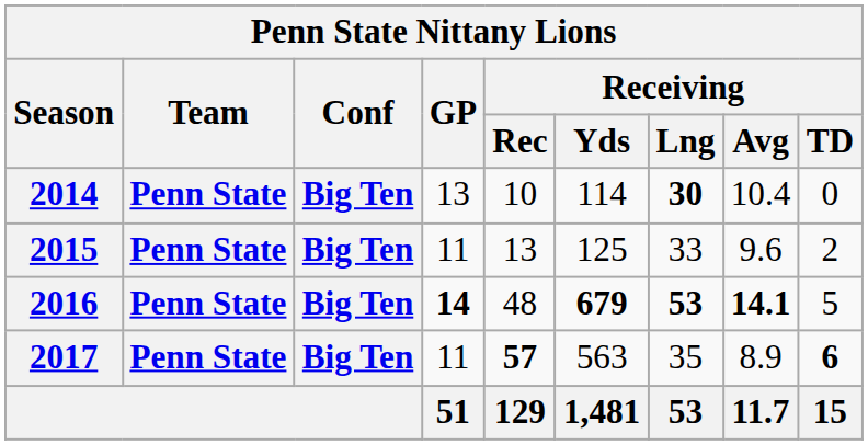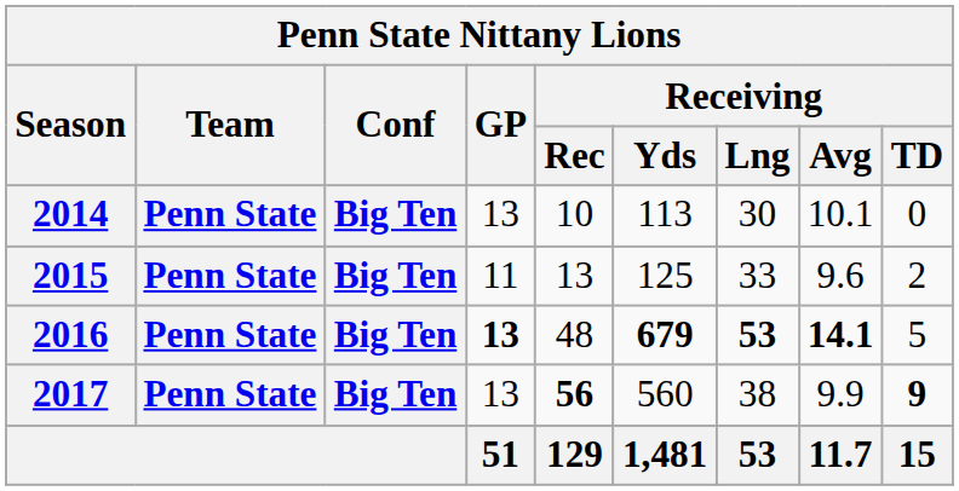 <table class="wikitable" style="text-align:center;">
 <tr>
 <th colspan="9">Penn State Nittany Lions</th>
 </tr>
 <tr>
 <th rowspan="2">Season</th>
 <th rowspan="2">Team</th>
 <th rowspan="2">Conf</th>
 <th rowspan="2">GP</th>
 <th colspan="5">Receiving</th>
 </tr>
 <tr>
 <th>Rec</th>
 <th>Yds</th>
 <th>Lng</th>
 <th>Avg</th>
 <th>TD</th>
 </tr>
 <tr>
 <th><a href='#'>2014</a></th>
 <th><a href='#'>Penn State</a></th>
 <th><a href='#'>Big Ten</a></th>
 <td>13</td>
 <td>10</td>
-<td>114</td>
-<td><strong>30</strong></td>
-<td>10.4</td>
+<td>113</td>
+<td>30</td>
+<td>10.1</td>
 <td>0</td>
 </tr>
 <tr>
 <th><a href='#'>2015</a></th>
 <th><a href='#'>Penn State</a></th>
 <th><a href='#'>Big Ten</a></th>
 <td>11</td>
 <td>13</td>
 <td>125</td>
 <td>33</td>
 <td>9.6</td>
 <td>2</td>
 </tr>
 <tr>
 <th><a href='#'>2016</a></th>
 <th><a href='#'>Penn State</a></th>
 <th><a href='#'>Big Ten</a></th>
-<td><strong>14</strong></td>
+<td><strong>13</strong></td>
 <td>48</td>
 <td><strong>679</strong></td>
 <td><strong>53</strong></td>
 <td><strong>14.1</strong></td>
 <td>5</td>
 </tr>
 <tr>
 <th><a href='#'>2017</a></th>
 <th><a href='#'>Penn State</a></th>
 <th><a href='#'>Big Ten</a></th>
-<td>11</td>
-<td><strong>57</strong></td>
-<td>563</td>
-<td>35</td>
-<td>8.9</td>
-<td><strong>6</strong></td>
+<td>13</td>
+<td><strong>56</strong></td>
+<td>560</td>
+<td>38</td>
+<td>9.9</td>
+<td><strong>9</strong></td>
 </tr>
 <tr>
 <th colspan="3"></th>
 <th>51</th>
 <th>129</th>
 <th>1,481</th>
 <th>53</th>
 <th>11.7</th>
 <th>15</th>
 </tr>
 </table>
